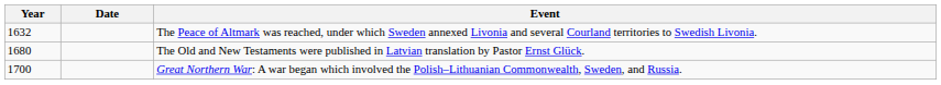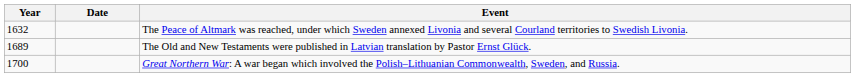 <table class="wikitable" width="100%">
 <tr>
 <th style="width:6%">Year</th>
 <th style="width:10%">Date</th>
 <th>Event</th>
 </tr>
 <tr>
 <td>1632</td>
 <td></td>
 <td>The <a href='#'>Peace of Altmark</a> was reached, under which <a href='#'>Sweden</a> annexed <a href='#'>Livonia</a> and several <a href='#'>Courland</a> territories to <a href='#'>Swedish Livonia</a>.</td>
 </tr>
 <tr>
-<td>1680</td>
+<td>1689</td>
 <td></td>
 <td>The Old and New Testaments were published in <a href='#'>Latvian</a> translation by Pastor <a href='#'>Ernst Glück</a>.</td>
 </tr>
 <tr>
 <td>1700</td>
 <td></td>
 <td><em><a href='#'>Great Northern War</a></em>: A war began which involved the <a href='#'>Polish–Lithuanian Commonwealth</a>, <a href='#'>Sweden</a>, and <a href='#'>Russia</a>.</td>
 </tr>
 </table>
